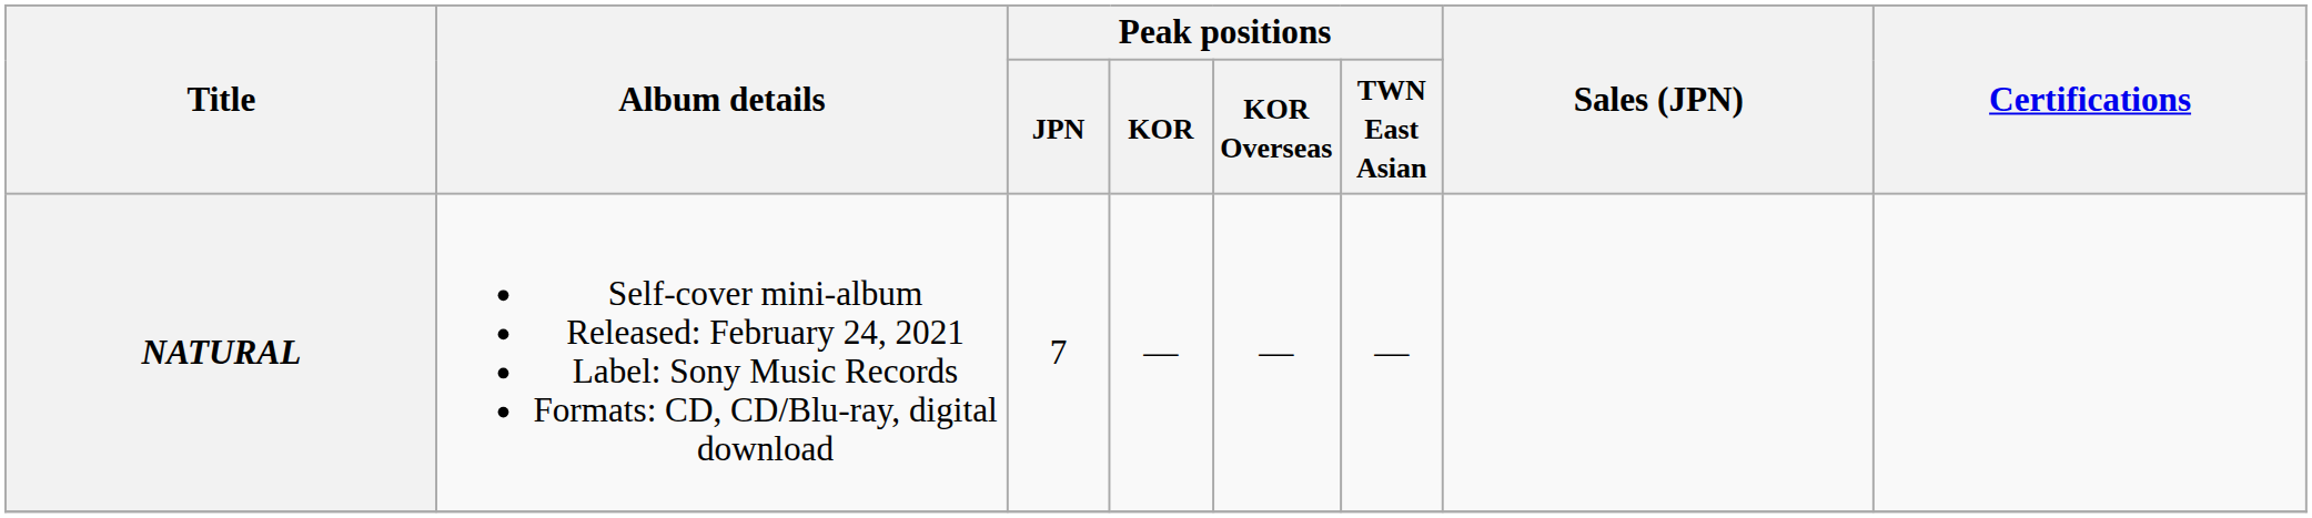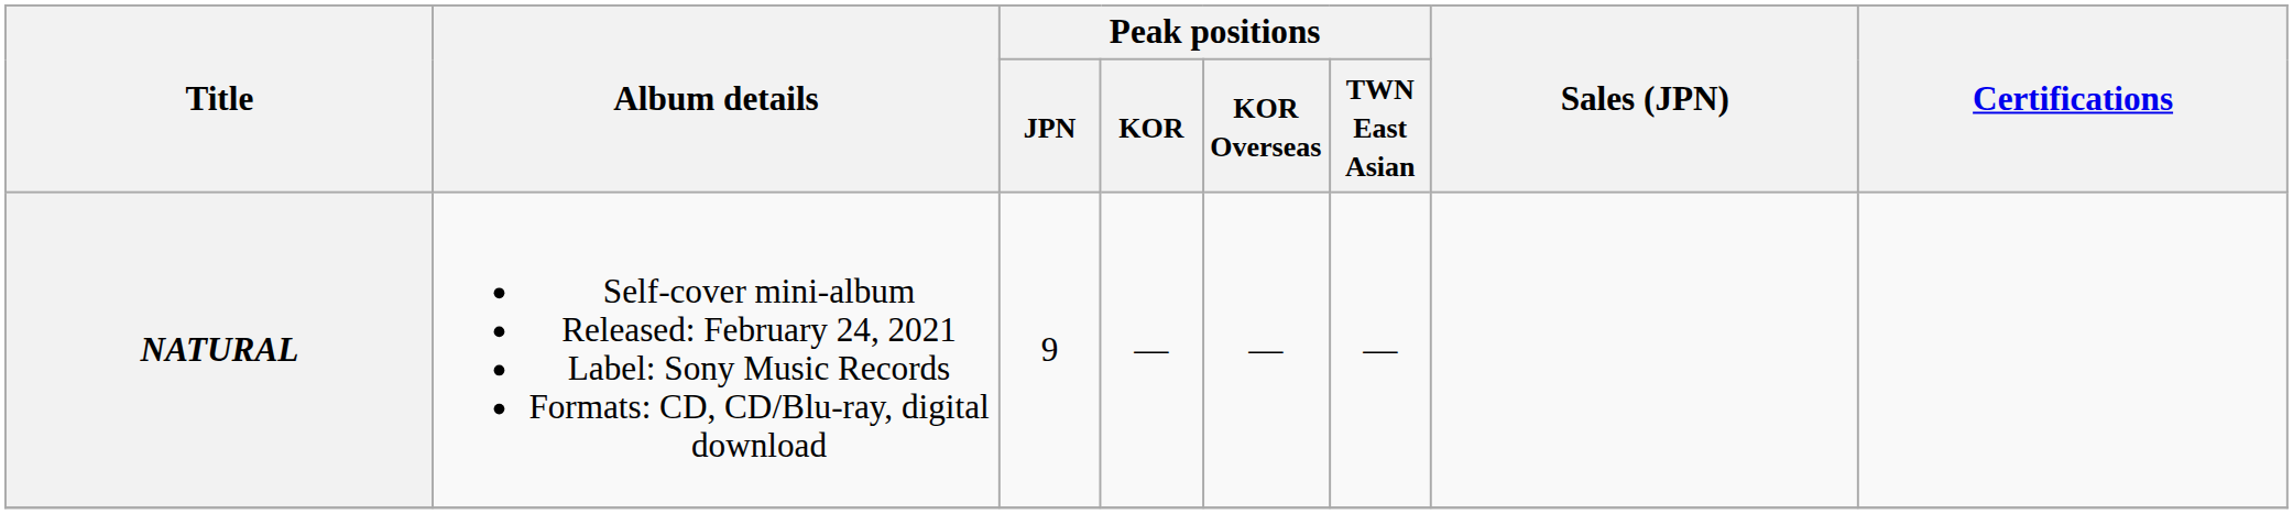 <table class="wikitable plainrowheaders" style="text-align:center;">
 <tr>
 <th style="width:12em;" rowspan="2">Title</th>
 <th style="width:16em;" rowspan="2">Album details</th>
 <th colspan="4">Peak positions</th>
 <th style="width:12em;" rowspan="2">Sales (JPN)</th>
 <th style="width:12em;" rowspan="2"><a href='#'>Certifications</a></th>
 </tr>
 <tr>
 <th style="width:2.5em;"><small>JPN</small><br></th>
 <th style="width:2.5em;"><small>KOR</small><br></th>
 <th style="width:2.5em;"><small>KOR<br>Overseas</small><br></th>
 <th style="width:2.5em;"><small>TWN East Asian</small><br></th>
 </tr>
 <tr>
 <th scope="row"><em>NATURAL</em></th>
 <td><br><ul><li>Self-cover mini-album</li><li>Released: February 24, 2021</li><li>Label: Sony Music Records</li><li>Formats: CD, CD/Blu-ray, digital download</li></ul></td>
-<td>7</td>
+<td>9</td>
 <td>—</td>
 <td>—</td>
 <td>—</td>
 <td></td>
 <td align="left"></td>
 </tr>
 <tr>
 </tr>
 </table>
